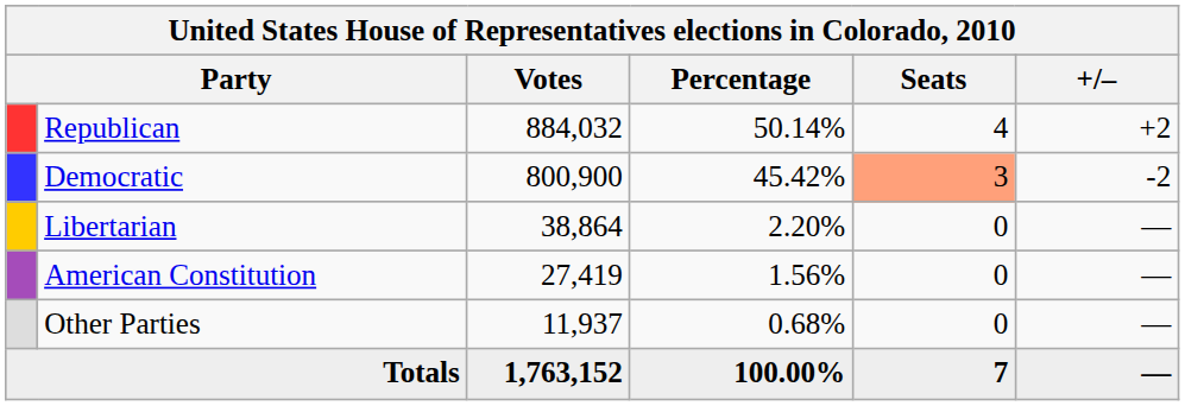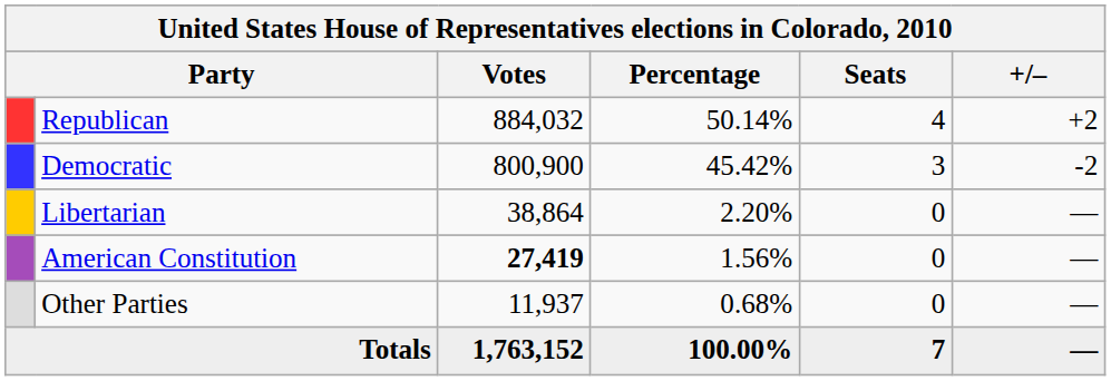 <table class="wikitable" style="font-size: 95%;">
 <tr>
 <th colspan="6">United States House of Representatives elections in Colorado, 2010</th>
 </tr>
 <tr>
 <th colspan=2 style="width: 15em">Party</th>
 <th style="width: 5em">Votes</th>
 <th style="width: 7em">Percentage</th>
 <th style="width: 5em">Seats</th>
 <th style="width: 5em">+/–</th>
 </tr>
 <tr>
 <th style="background:#f33; width:3px;"></th>
 <td style="width: 130px"><a href='#'>Republican</a></td>
 <td style="text-align:right;">884,032</td>
 <td style="text-align:right;">50.14%</td>
 <td style="text-align:right;">4</td>
 <td style="text-align:right;">+2</td>
 </tr>
 <tr>
 <th style="background:#33f; width:3px;"></th>
 <td style="width: 130px"><a href='#'>Democratic</a></td>
 <td style="text-align:right;">800,900</td>
 <td style="text-align:right;">45.42%</td>
-<td style="background: lightsalmon; text-align:right;">3</td>
+<td style="text-align:right;">3</td>
 <td style="text-align:right;">-2</td>
 </tr>
 <tr>
 <th style="background:#fc0; width:3px;"></th>
 <td style="width: 130px"><a href='#'>Libertarian</a></td>
 <td style="text-align:right;">38,864</td>
 <td style="text-align:right;">2.20%</td>
 <td style="text-align:right;">0</td>
 <td style="text-align:right;">—</td>
 </tr>
 <tr>
 <th style="background:#a54cba; width:3px;"></th>
 <td style="width: 130px"><a href='#'>American Constitution</a></td>
-<td style="text-align:right;">27,419</td>
+<td style="text-align:right;"><strong>27,419</strong></td>
 <td style="text-align:right;">1.56%</td>
 <td style="text-align:right;">0</td>
 <td style="text-align:right;">—</td>
 </tr>
 <tr>
 <th style="background:#ddd; width:3px;"></th>
 <td style="width: 130px">Other Parties</td>
 <td style="text-align:right;">11,937</td>
 <td style="text-align:right;">0.68%</td>
 <td style="text-align:right;">0</td>
 <td style="text-align:right;">—</td>
 </tr>
 <tr style="background:#eee; text-align:right;">
 <td colspan="2"><strong>Totals</strong></td>
 <td><strong>1,763,152</strong></td>
 <td><strong>100.00%</strong></td>
 <td><strong>7</strong></td>
 <td><strong>—</strong></td>
 </tr>
 </table>
